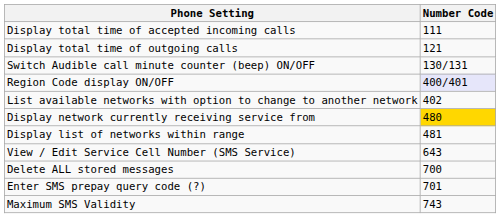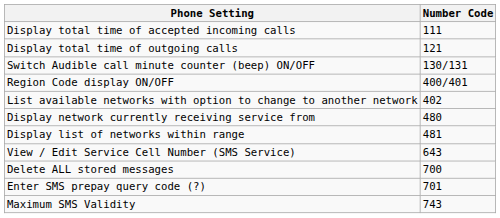 <table class="wikitable">
 <tr>
 <th>Phone Setting</th>
 <th>Number Code</th>
 </tr>
 <tr>
 <td>Display total time of accepted incoming calls</td>
 <td>111</td>
 </tr>
 <tr>
 <td>Display total time of outgoing calls</td>
 <td>121</td>
 </tr>
 <tr>
 <td>Switch Audible call minute counter (beep) ON/OFF</td>
 <td>130/131</td>
 </tr>
 <tr>
 <td>Region Code display ON/OFF</td>
-<td style="background: lavender;">400/401</td>
+<td>400/401</td>
 </tr>
 <tr>
 <td>List available networks with option to change to another network</td>
 <td>402</td>
 </tr>
 <tr>
 <td>Display network currently receiving service from</td>
-<td style="background: gold;">480</td>
+<td>480</td>
 </tr>
 <tr>
 <td>Display list of networks within range</td>
 <td>481</td>
 </tr>
 <tr>
 <td>View / Edit Service Cell Number (SMS Service)</td>
 <td>643</td>
 </tr>
 <tr>
 <td>Delete ALL stored messages</td>
 <td>700</td>
 </tr>
 <tr>
 <td>Enter SMS prepay query code (?)</td>
 <td>701</td>
 </tr>
 <tr>
 <td>Maximum SMS Validity</td>
 <td>743</td>
 </tr>
 </table>
